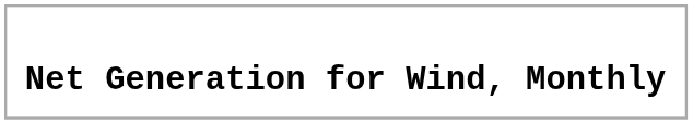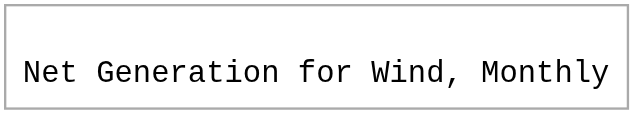 <table style="border:solid 1px #aaa;" cellpadding="7" cellspacing="0">
 <tr>
 <td></td>
 </tr>
 <tr>
-<td><strong>Net Generation for Wind, Monthly</strong></td>
+<td>Net Generation for Wind, Monthly</td>
 </tr>
 </table>
